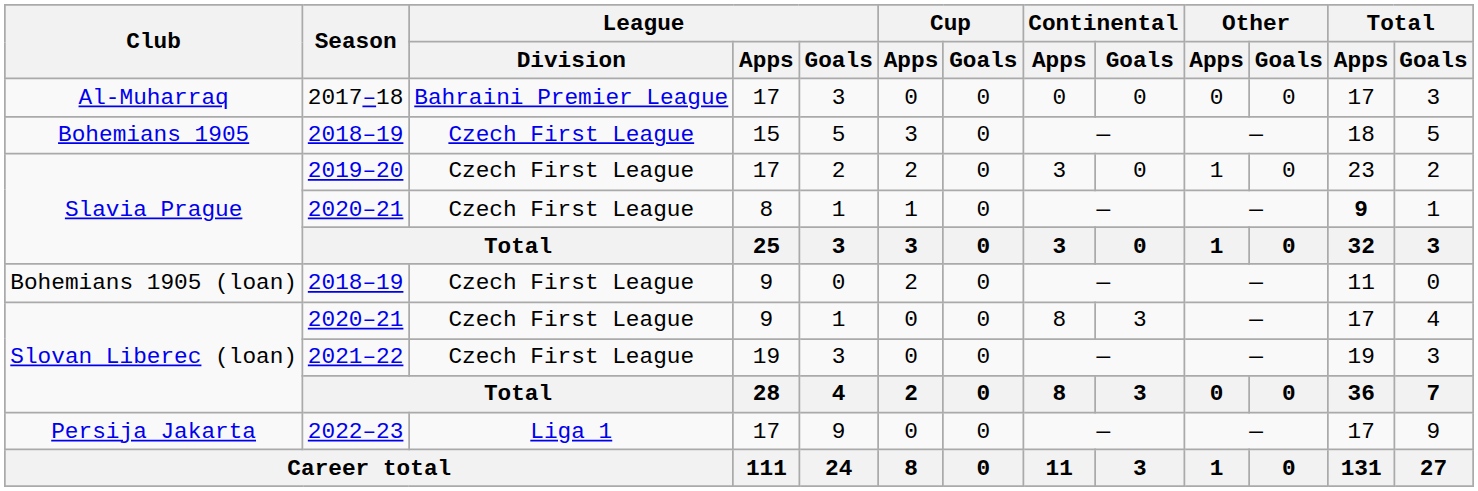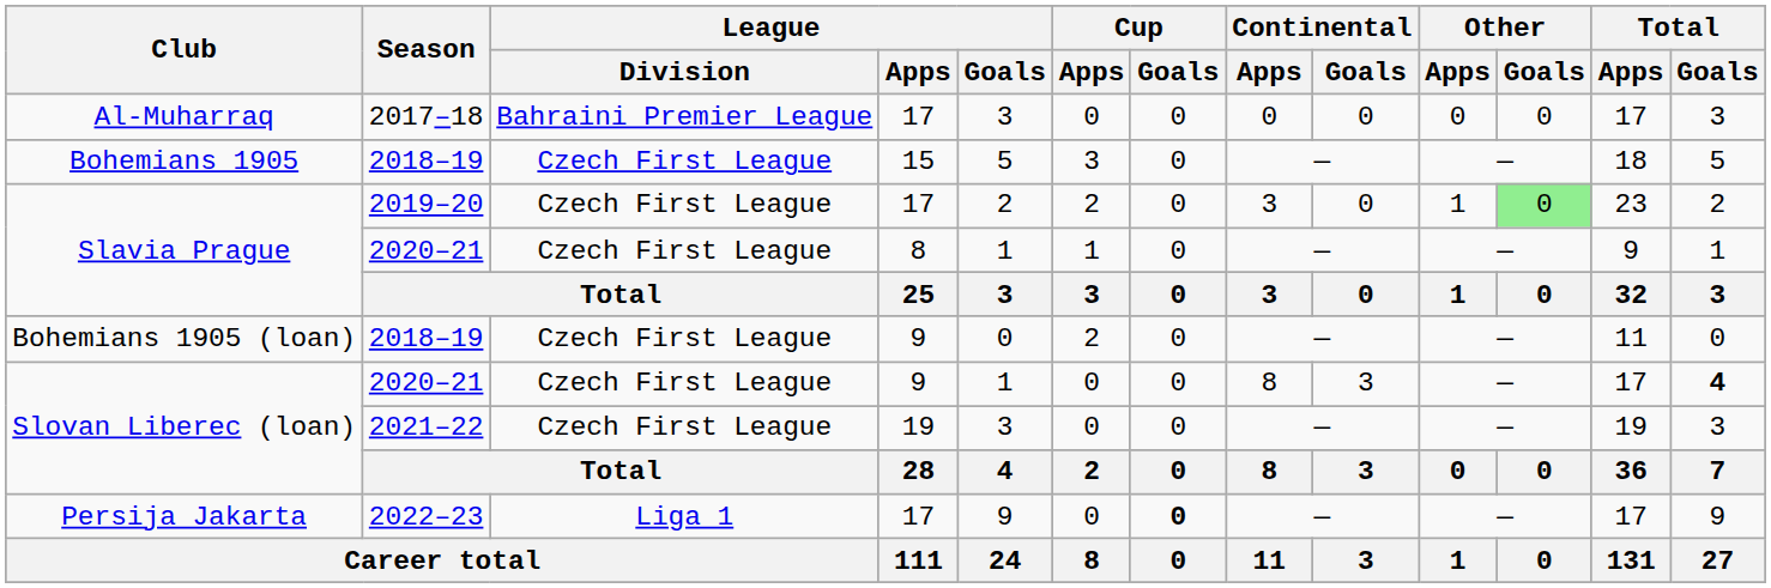 <table class="wikitable" style="text-align:center">
 <tr>
 <th rowspan="2">Club</th>
 <th rowspan="2">Season</th>
 <th colspan="3">League</th>
 <th colspan="2">Cup</th>
 <th colspan="2">Continental</th>
 <th colspan="2">Other</th>
 <th colspan="2">Total</th>
 </tr>
 <tr>
 <th>Division</th>
 <th>Apps</th>
 <th>Goals</th>
 <th>Apps</th>
 <th>Goals</th>
 <th>Apps</th>
 <th>Goals</th>
 <th>Apps</th>
 <th>Goals</th>
 <th>Apps</th>
 <th>Goals</th>
 </tr>
 <tr>
 <td><a href='#'>Al-Muharraq</a></td>
 <td>2017<a href='#'>–</a>18</td>
 <td><a href='#'>Bahraini Premier League</a></td>
 <td>17</td>
 <td>3</td>
 <td>0</td>
 <td>0</td>
 <td>0</td>
 <td>0</td>
 <td>0</td>
 <td>0</td>
 <td>17</td>
 <td>3</td>
 </tr>
 <tr>
 <td><a href='#'>Bohemians 1905</a></td>
 <td><a href='#'>2018–19</a></td>
 <td><a href='#'>Czech First League</a></td>
 <td>15</td>
 <td>5</td>
 <td>3</td>
 <td>0</td>
 <td colspan="2">—</td>
 <td colspan="2">—</td>
 <td>18</td>
 <td>5</td>
 </tr>
 <tr>
 <td rowspan="3"><a href='#'>Slavia Prague</a></td>
 <td><a href='#'>2019–20</a></td>
 <td>Czech First League</td>
 <td>17</td>
 <td>2</td>
 <td>2</td>
 <td>0</td>
 <td>3</td>
 <td>0</td>
 <td>1</td>
-<td>0</td>
+<td style="background: lightgreen;">0</td>
 <td>23</td>
 <td>2</td>
 </tr>
 <tr>
 <td><a href='#'>2020–21</a></td>
 <td>Czech First League</td>
 <td>8</td>
 <td>1</td>
 <td>1</td>
 <td>0</td>
 <td colspan="2">—</td>
 <td colspan="2">—</td>
-<td><strong>9</strong></td>
+<td>9</td>
 <td>1</td>
 </tr>
 <tr>
 <th colspan="2">Total</th>
 <th>25</th>
 <th>3</th>
 <th>3</th>
 <th>0</th>
 <th>3</th>
 <th>0</th>
 <th>1</th>
 <th>0</th>
 <th>32</th>
 <th>3</th>
 </tr>
 <tr>
 <td>Bohemians 1905 (loan)</td>
 <td><a href='#'>2018–19</a></td>
 <td>Czech First League</td>
 <td>9</td>
 <td>0</td>
 <td>2</td>
 <td>0</td>
 <td colspan="2">—</td>
 <td colspan="2">—</td>
 <td>11</td>
 <td>0</td>
 </tr>
 <tr>
 <td rowspan="3"><a href='#'>Slovan Liberec</a> (loan)</td>
 <td><a href='#'>2020–21</a></td>
 <td>Czech First League</td>
 <td>9</td>
 <td>1</td>
 <td>0</td>
 <td>0</td>
 <td>8</td>
 <td>3</td>
 <td colspan="2">—</td>
 <td>17</td>
-<td>4</td>
+<td><strong>4</strong></td>
 </tr>
 <tr>
 <td><a href='#'>2021–22</a></td>
 <td>Czech First League</td>
 <td>19</td>
 <td>3</td>
 <td>0</td>
 <td>0</td>
 <td colspan="2">—</td>
 <td colspan="2">—</td>
 <td>19</td>
 <td>3</td>
 </tr>
 <tr>
 <th colspan="2">Total</th>
 <th>28</th>
 <th>4</th>
 <th>2</th>
 <th>0</th>
 <th>8</th>
 <th>3</th>
 <th>0</th>
 <th>0</th>
 <th>36</th>
 <th>7</th>
 </tr>
 <tr>
 <td><a href='#'>Persija Jakarta</a></td>
 <td><a href='#'>2022–23</a></td>
 <td><a href='#'>Liga 1</a></td>
 <td>17</td>
 <td>9</td>
 <td>0</td>
-<td>0</td>
+<td><strong>0</strong></td>
 <td colspan="2">—</td>
 <td colspan="2">—</td>
 <td>17</td>
 <td>9</td>
 </tr>
 <tr>
 <th colspan="3">Career total</th>
 <th>111</th>
 <th>24</th>
 <th>8</th>
 <th>0</th>
 <th>11</th>
 <th>3</th>
 <th>1</th>
 <th>0</th>
 <th>131</th>
 <th>27</th>
 </tr>
 </table>
